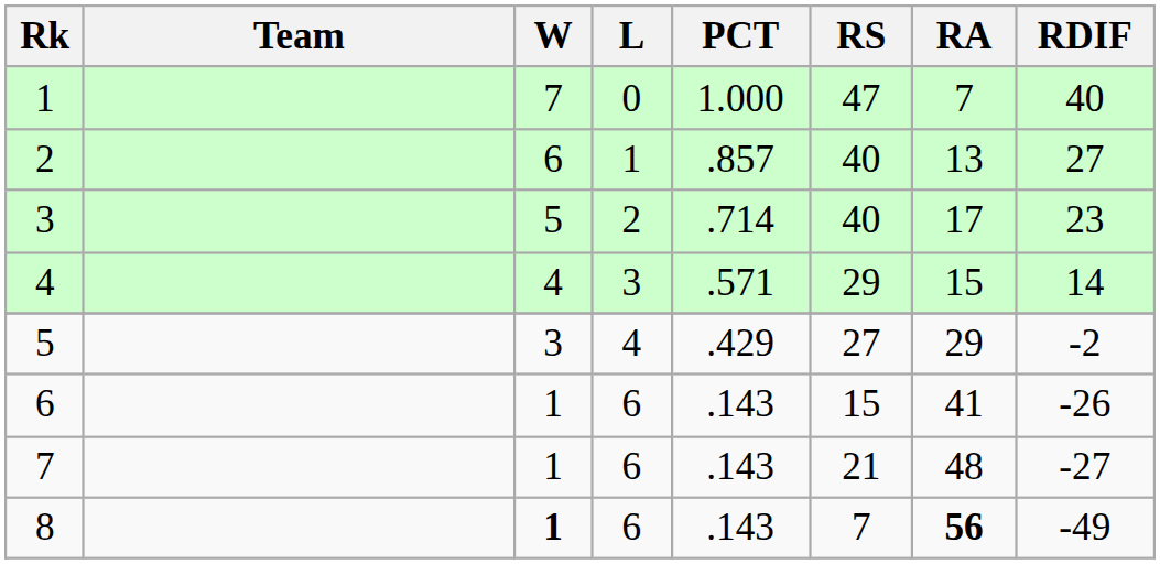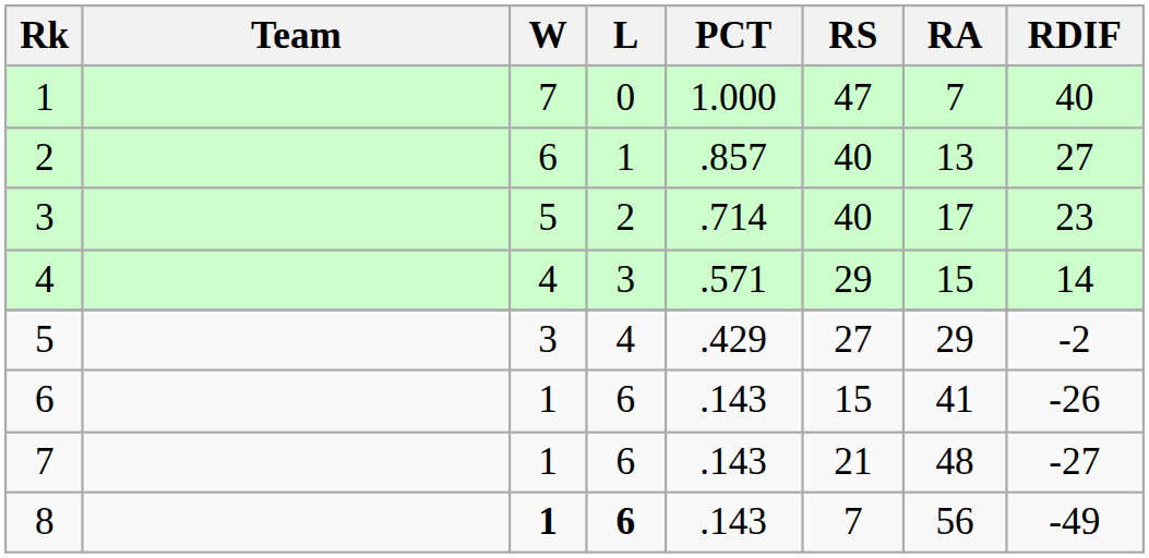 <table class=wikitable style=text-align:center>
 <tr>
 <th width=25>Rk</th>
 <th width=170>Team</th>
 <th width=25>W</th>
 <th width=25>L</th>
 <th width=50>PCT</th>
 <th width=35>RS</th>
 <th width=35>RA</th>
 <th width=50>RDIF</th>
 </tr>
 <tr bgcolor=ccffcc>
 <td>1</td>
 <td style="text-align:left;"></td>
 <td>7</td>
 <td>0</td>
 <td>1.000</td>
 <td>47</td>
 <td>7</td>
 <td>40</td>
 </tr>
 <tr bgcolor="ccffcc">
 <td>2</td>
 <td style="text-align:left;"></td>
 <td>6</td>
 <td>1</td>
 <td>.857</td>
 <td>40</td>
 <td>13</td>
 <td>27</td>
 </tr>
 <tr bgcolor="ccffcc">
 <td>3</td>
 <td style="text-align:left;"></td>
 <td>5</td>
 <td>2</td>
 <td>.714</td>
 <td>40</td>
 <td>17</td>
 <td>23</td>
 </tr>
 <tr bgcolor="ccffcc">
 <td>4</td>
 <td style="text-align:left;"></td>
 <td>4</td>
 <td>3</td>
 <td>.571</td>
 <td>29</td>
 <td>15</td>
 <td>14</td>
 </tr>
 <tr bgcolor=ccffcc>
 </tr>
 <tr>
 <td>5</td>
 <td style="text-align:left;"></td>
 <td>3</td>
 <td>4</td>
 <td>.429</td>
 <td>27</td>
 <td>29</td>
 <td>-2</td>
 </tr>
 <tr>
 <td>6</td>
 <td style="text-align:left;"></td>
 <td>1</td>
 <td>6</td>
 <td>.143</td>
 <td>15</td>
 <td>41</td>
 <td>-26</td>
 </tr>
 <tr>
 <td>7</td>
 <td style="text-align:left;"></td>
 <td>1</td>
 <td>6</td>
 <td>.143</td>
 <td>21</td>
 <td>48</td>
 <td>-27</td>
 </tr>
 <tr>
 <td>8</td>
 <td style="text-align:left;"></td>
 <td><strong>1</strong></td>
-<td>6</td>
+<td><strong>6</strong></td>
 <td>.143</td>
 <td>7</td>
-<td><strong>56</strong></td>
+<td>56</td>
 <td>-49</td>
 </tr>
 </table>
